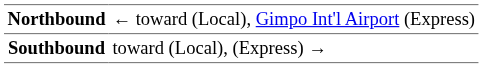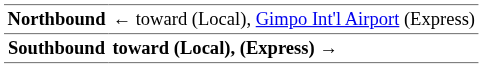 <table border="1" cellspacing="0" cellpadding="3" frame="hsides" rules="rows">
 <tr>
 <th><span>Northbound</span></th>
 <td>←  toward  (Local), <a href='#'>Gimpo Int'l Airport</a> (Express)</td>
 </tr>
 <tr>
 <th><span>Southbound</span></th>
-<td>  toward  (Local),  (Express) →</td>
+<td><strong>  toward  (Local),  (Express) →</strong></td>
 </tr>
 </table>
